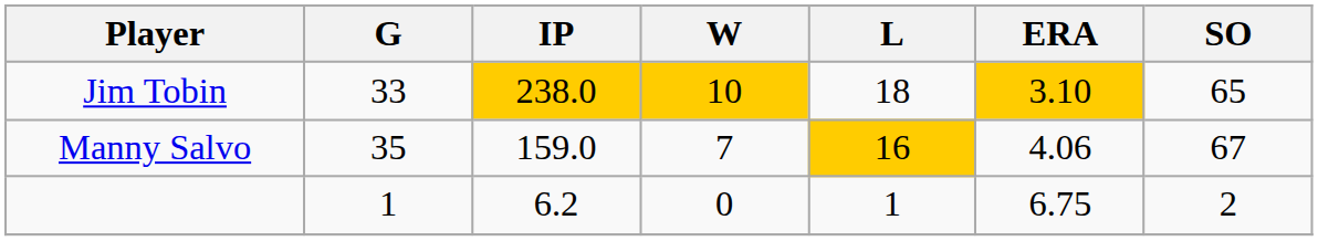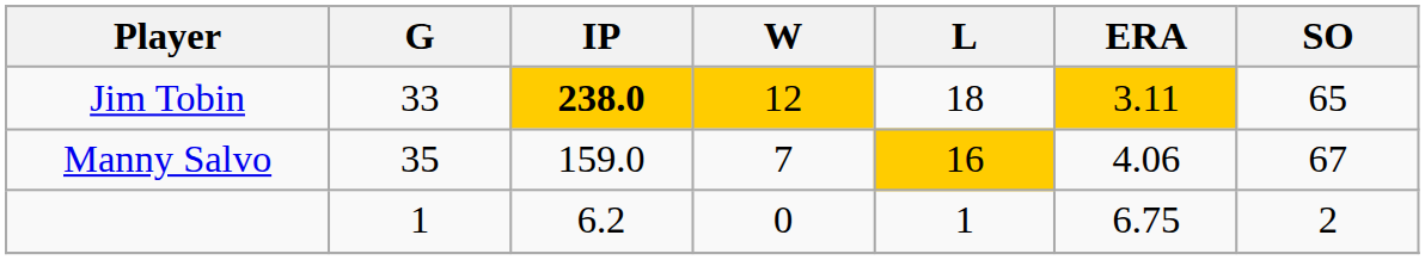 <table class="wikitable sortable">
 <tr>
 <th bgcolor="#DDDDFF" width="16%">Player</th>
 <th bgcolor="#DDDDFF" width="9%">G</th>
 <th bgcolor="#DDDDFF" width="9%">IP</th>
 <th bgcolor="#DDDDFF" width="9%">W</th>
 <th bgcolor="#DDDDFF" width="9%">L</th>
 <th bgcolor="#DDDDFF" width="9%">ERA</th>
 <th bgcolor="#DDDDFF" width="9%">SO</th>
 </tr>
 <tr align="center">
 <td><a href='#'>Jim Tobin</a></td>
 <td>33</td>
-<td style="background:#fc0;">238.0</td>
-<td style="background:#fc0;">10</td>
+<td style="background:#fc0;"><strong>238.0</strong></td>
+<td style="background:#fc0;">12</td>
 <td>18</td>
-<td style="background:#fc0;">3.10</td>
+<td style="background:#fc0;">3.11</td>
 <td>65</td>
 </tr>
 <tr align="center">
 <td><a href='#'>Manny Salvo</a></td>
 <td>35</td>
 <td>159.0</td>
 <td>7</td>
 <td style="background:#fc0;">16</td>
 <td>4.06</td>
 <td>67</td>
 </tr>
 <tr align="center">
 <td></td>
 <td>1</td>
 <td>6.2</td>
 <td>0</td>
 <td>1</td>
 <td>6.75</td>
 <td>2</td>
 </tr>
 <tr align="center">
 </tr>
 </table>
